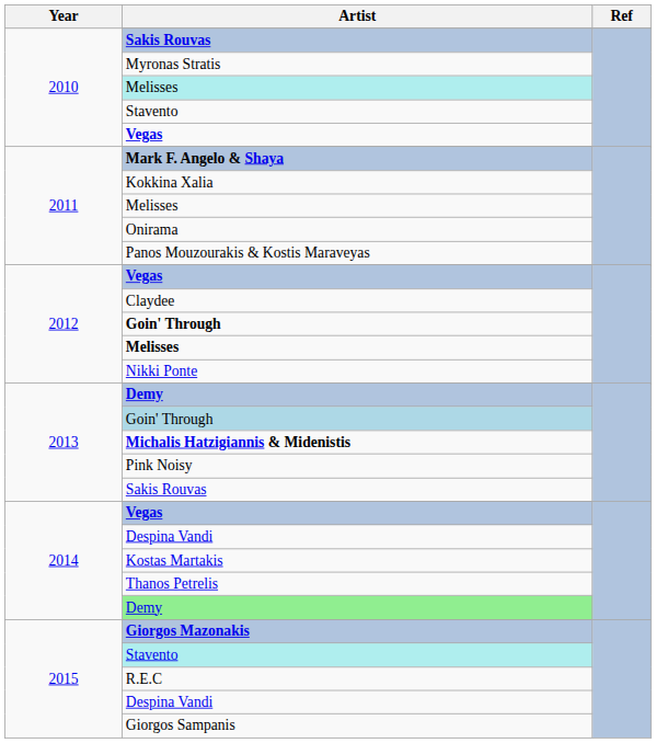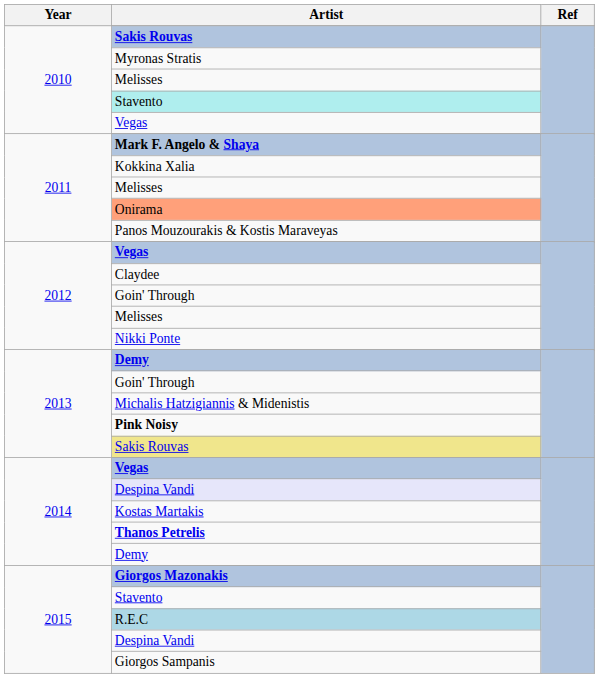 <table class="wikitable" style="width:55%;">
 <tr style="background:#bebebe;">
 <th style="width:10%;">Year</th>
 <th style="width:40%;">Artist</th>
 <th style="width:5%;">Ref</th>
 </tr>
 <tr>
 <td rowspan="6" align="center"><a href='#'>2010</a></td>
 </tr>
 <tr style="background:#B0C4DE">
 <td><strong><a href='#'>Sakis Rouvas</a></strong></td>
 <td rowspan="6" align="center"></td>
 </tr>
 <tr>
 <td>Myronas Stratis</td>
 </tr>
 <tr>
-<td style="background: paleturquoise;">Melisses</td>
+<td>Melisses</td>
 </tr>
 <tr>
-<td>Stavento</td>
+<td style="background: paleturquoise;">Stavento</td>
 </tr>
 <tr>
-<td><strong><a href='#'>Vegas</a></strong></td>
+<td><a href='#'>Vegas</a></td>
 </tr>
 <tr>
 <td rowspan="6" align="center"><a href='#'>2011</a></td>
 </tr>
 <tr style="background:#B0C4DE">
 <td><strong>Mark F. Angelo & <a href='#'>Shaya</a></strong></td>
 <td rowspan="6" align="center"></td>
 </tr>
 <tr>
 <td>Κokkina Xalia</td>
 </tr>
 <tr>
 <td>Melisses</td>
 </tr>
 <tr>
-<td>Onirama</td>
+<td style="background: lightsalmon;">Onirama</td>
 </tr>
 <tr>
 <td>Panos Mouzourakis & Kostis Maraveyas</td>
 </tr>
 <tr>
 <td rowspan="6" align="center"><a href='#'>2012</a></td>
 </tr>
 <tr style="background:#B0C4DE">
 <td><strong><a href='#'>Vegas</a></strong></td>
 <td rowspan="6" align="center"></td>
 </tr>
 <tr>
 <td>Claydee</td>
 </tr>
 <tr>
-<td><strong>Goin' Through</strong></td>
+<td>Goin' Through</td>
 </tr>
 <tr>
-<td><strong>Melisses</strong></td>
+<td>Melisses</td>
 </tr>
 <tr>
 <td><a href='#'>Nikki Ponte</a></td>
 </tr>
 <tr>
 <td rowspan="6" align="center"><a href='#'>2013</a></td>
 </tr>
 <tr style="background:#B0C4DE">
 <td><strong><a href='#'>Demy</a></strong></td>
 <td rowspan="6" align="center"></td>
 </tr>
 <tr>
-<td style="background: lightblue;">Goin' Through</td>
+<td>Goin' Through</td>
 </tr>
 <tr>
-<td><strong><a href='#'>Michalis Hatzigiannis</a> & Midenistis</strong></td>
+<td><a href='#'>Michalis Hatzigiannis</a> & Midenistis</td>
 </tr>
 <tr>
-<td>Pink Noisy</td>
+<td><strong>Pink Noisy</strong></td>
 </tr>
 <tr>
-<td><a href='#'>Sakis Rouvas</a></td>
+<td style="background: khaki;"><a href='#'>Sakis Rouvas</a></td>
 </tr>
 <tr>
 <td rowspan="6" align="center"><a href='#'>2014</a></td>
 </tr>
 <tr style="background:#B0C4DE">
 <td><strong><a href='#'>Vegas</a></strong></td>
 <td rowspan="6" align="center"></td>
 </tr>
 <tr>
-<td><a href='#'>Despina Vandi</a></td>
+<td style="background: lavender;"><a href='#'>Despina Vandi</a></td>
 </tr>
 <tr>
 <td><a href='#'>Kostas Martakis</a></td>
 </tr>
 <tr>
-<td><a href='#'>Thanos Petrelis</a></td>
+<td><strong><a href='#'>Thanos Petrelis</a></strong></td>
 </tr>
 <tr>
-<td style="background: lightgreen;"><a href='#'>Demy</a></td>
+<td><a href='#'>Demy</a></td>
 </tr>
 <tr>
 <td rowspan="6" align="center"><a href='#'>2015</a></td>
 </tr>
 <tr style="background:#B0C4DE">
 <td><strong><a href='#'>Giorgos Mazonakis</a></strong></td>
 <td rowspan="6" align="center"></td>
 </tr>
 <tr>
-<td style="background: paleturquoise;"><a href='#'>Stavento</a></td>
+<td><a href='#'>Stavento</a></td>
 </tr>
 <tr>
-<td>R.E.C</td>
+<td style="background: lightblue;">R.E.C</td>
 </tr>
 <tr>
 <td><a href='#'>Despina Vandi</a></td>
 </tr>
 <tr>
 <td>Giorgos Sampanis</td>
 </tr>
 </table>
